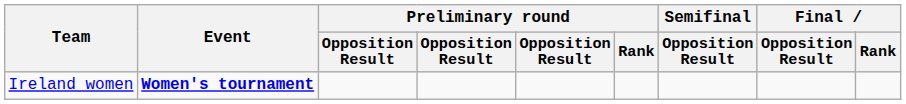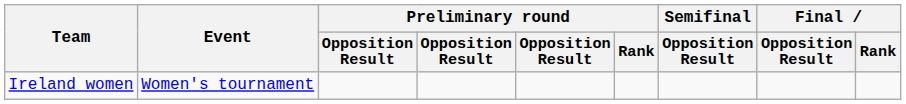 <table class=wikitable style=font-size:90%;text-align:center>
 <tr>
 <th rowspan=2>Team</th>
 <th rowspan=2>Event</th>
 <th colspan=4>Preliminary round</th>
 <th>Semifinal</th>
 <th colspan=2>Final / </th>
 </tr>
 <tr style=font-size:95%>
 <th>Opposition<br>Result</th>
 <th>Opposition<br>Result</th>
 <th>Opposition<br>Result</th>
 <th>Rank</th>
 <th>Opposition<br>Result</th>
 <th>Opposition<br>Result</th>
 <th>Rank</th>
 </tr>
 <tr>
 <td align=left><a href='#'>Ireland women</a></td>
-<td align=left><strong><a href='#'>Women's tournament</a></strong></td>
+<td align=left><a href='#'>Women's tournament</a></td>
 <td></td>
 <td></td>
 <td></td>
 <td></td>
 <td></td>
 <td></td>
 <td></td>
 </tr>
 </table>
